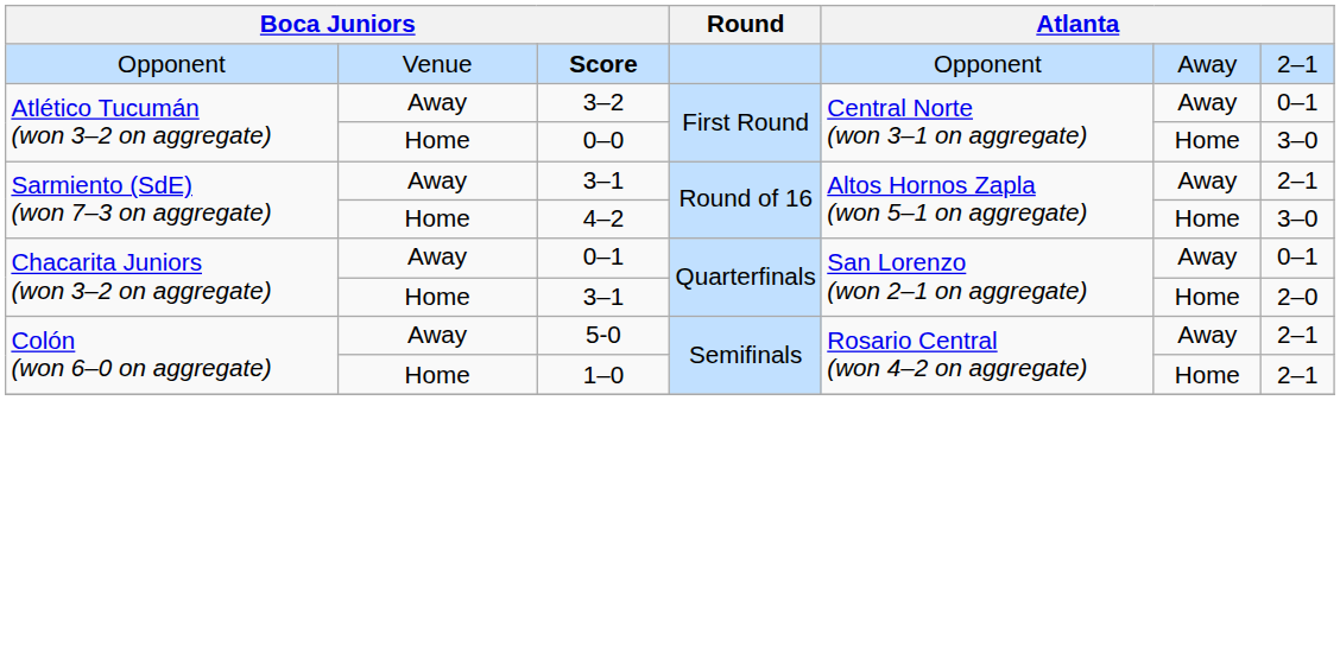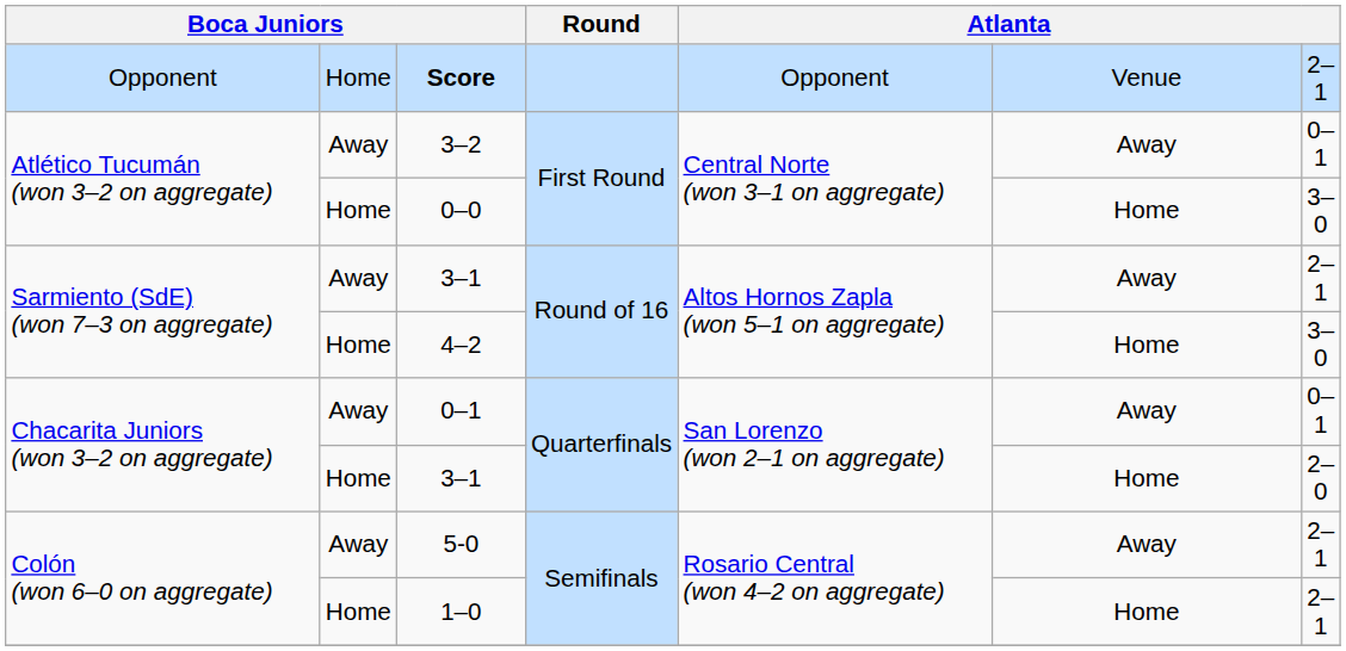 <table class="wikitable" style="text-align: center;">
 <tr>
 <th colspan=3><a href='#'>Boca Juniors</a></th>
 <th>Round</th>
 <th colspan=3><a href='#'>Atlanta</a></th>
 </tr>
 <tr bgcolor=#c1e0ff>
 <td width=25%>Opponent</td>
-<td width=15%>Venue</td>
+<td>Home</td>
 <td width=10%><strong>Score</strong></td>
 <td width=10%></td>
 <td width=25%>Opponent</td>
-<td>Away</td>
+<td width=25%>Venue</td>
 <td>2–1</td>
 </tr>
 <tr>
 <td rowspan=2 align=left><a href='#'>Atlético Tucumán</a><br><em>(won 3–2 on aggregate)</em></td>
 <td>Away</td>
 <td>3–2</td>
 <td rowspan=2 bgcolor=#c1e0ff>First Round</td>
 <td rowspan=2 align=left><a href='#'>Central Norte</a><br><em>(won 3–1 on aggregate)</em></td>
 <td>Away</td>
 <td>0–1</td>
 </tr>
 <tr>
 <td>Home</td>
 <td>0–0</td>
 <td>Home</td>
 <td>3–0</td>
 </tr>
 <tr>
 <td rowspan=2 align=left><a href='#'>Sarmiento (SdE)</a><br><em>(won 7–3 on aggregate)</em></td>
 <td>Away</td>
 <td>3–1</td>
 <td rowspan=2 bgcolor=#c1e0ff>Round of 16</td>
 <td rowspan=2 align=left><a href='#'>Altos Hornos Zapla</a><br><em>(won 5–1 on aggregate)</em></td>
 <td>Away</td>
 <td>2–1</td>
 </tr>
 <tr>
 <td>Home</td>
 <td>4–2</td>
 <td>Home</td>
 <td>3–0</td>
 </tr>
 <tr>
 <td rowspan=2 align=left><a href='#'>Chacarita Juniors</a><br><em>(won 3–2 on aggregate)</em></td>
 <td>Away</td>
 <td>0–1</td>
 <td rowspan=2 bgcolor=#c1e0ff>Quarterfinals</td>
 <td rowspan=2 align=left><a href='#'>San Lorenzo</a><br><em>(won 2–1 on aggregate)</em></td>
 <td>Away</td>
 <td>0–1</td>
 </tr>
 <tr>
 <td>Home</td>
 <td>3–1</td>
 <td>Home</td>
 <td>2–0</td>
 </tr>
 <tr>
 <td rowspan=2 align=left><a href='#'>Colón</a><br><em>(won 6–0 on aggregate)</em></td>
 <td>Away</td>
 <td>5-0</td>
 <td rowspan=2 bgcolor=#c1e0ff>Semifinals</td>
 <td rowspan=2 align=left><a href='#'>Rosario Central</a><br><em>(won 4–2 on aggregate)</em></td>
 <td>Away</td>
 <td>2–1</td>
 </tr>
 <tr>
 <td>Home</td>
 <td>1–0</td>
 <td>Home</td>
 <td>2–1</td>
 </tr>
 <tr>
 </tr>
 </table>
